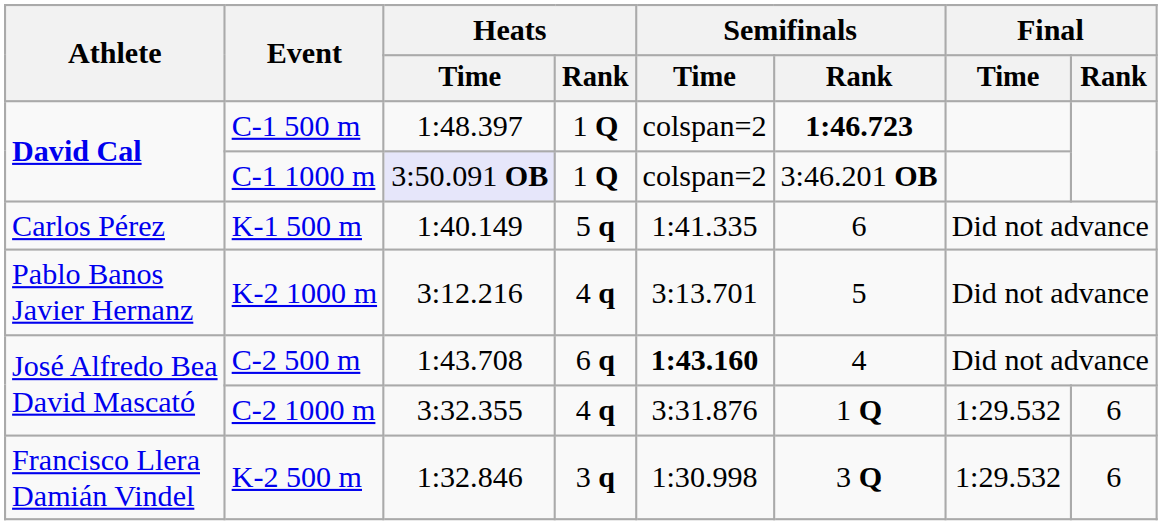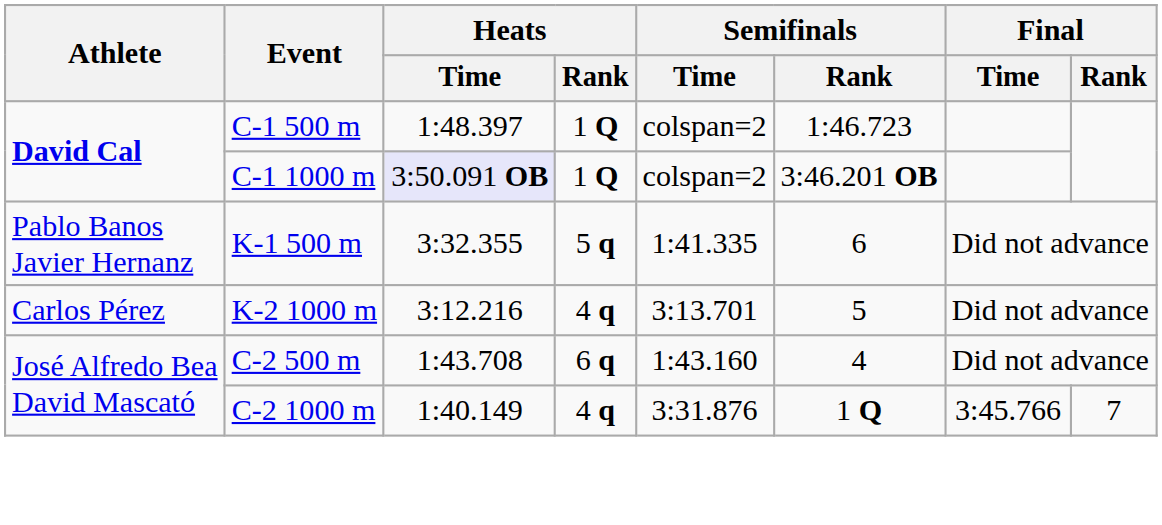 <table class="wikitable" style="font-size:90%">
 <tr>
 <th rowspan=2>Athlete</th>
 <th rowspan=2>Event</th>
 <th colspan=2>Heats</th>
 <th colspan=2>Semifinals</th>
 <th colspan=2>Final</th>
 </tr>
 <tr style="font-size:95%">
 <th>Time</th>
 <th>Rank</th>
 <th>Time</th>
 <th>Rank</th>
 <th>Time</th>
 <th>Rank</th>
 </tr>
 <tr align=center>
 <td align=left rowspan=2><strong><a href='#'>David Cal</a></strong></td>
 <td align=left><a href='#'>C-1 500 m</a></td>
 <td>1:48.397</td>
 <td>1 <strong>Q</strong></td>
 <td>colspan=2 </td>
-<td><strong>1:46.723</strong></td>
+<td>1:46.723</td>
 <td></td>
 </tr>
 <tr align=center>
 <td align=left><a href='#'>C-1 1000 m</a></td>
 <td style="background: lavender;">3:50.091 <strong>OB</strong></td>
 <td>1 <strong>Q</strong></td>
 <td>colspan=2 </td>
 <td>3:46.201 <strong>OB</strong></td>
 <td></td>
 </tr>
 <tr align=center>
-<td align=left><a href='#'>Carlos Pérez</a></td>
+<td align=left><a href='#'>Pablo Banos</a><br><a href='#'>Javier Hernanz</a></td>
 <td align=left><a href='#'>K-1 500 m</a></td>
-<td>1:40.149</td>
+<td>3:32.355</td>
 <td>5 <strong>q</strong></td>
 <td>1:41.335</td>
 <td>6</td>
 <td colspan=2>Did not advance</td>
 </tr>
 <tr align=center>
-<td align=left><a href='#'>Pablo Banos</a><br><a href='#'>Javier Hernanz</a></td>
+<td align=left><a href='#'>Carlos Pérez</a></td>
 <td align=left><a href='#'>K-2 1000 m</a></td>
 <td>3:12.216</td>
 <td>4 <strong>q</strong></td>
 <td>3:13.701</td>
 <td>5</td>
 <td colspan=2>Did not advance</td>
 </tr>
 <tr align=center>
 <td align=left rowspan=2><a href='#'>José Alfredo Bea</a><br><a href='#'>David Mascató</a></td>
 <td align=left><a href='#'>C-2 500 m</a></td>
 <td>1:43.708</td>
 <td>6 <strong>q</strong></td>
-<td><strong>1:43.160</strong></td>
+<td>1:43.160</td>
 <td>4</td>
 <td colspan=2>Did not advance</td>
 </tr>
 <tr align=center>
 <td align=left><a href='#'>C-2 1000 m</a></td>
-<td>3:32.355</td>
+<td>1:40.149</td>
 <td>4 <strong>q</strong></td>
 <td>3:31.876</td>
 <td>1 <strong>Q</strong></td>
-<td>1:29.532</td>
-<td>6</td>
-</tr>
-<tr align=center>
-<td align=left><a href='#'>Francisco Llera</a><br><a href='#'>Damián Vindel</a></td>
-<td align=left><a href='#'>K-2 500 m</a></td>
-<td>1:32.846</td>
-<td>3 <strong>q</strong></td>
-<td>1:30.998</td>
-<td>3 <strong>Q</strong></td>
-<td>1:29.532</td>
-<td>6</td>
+<td>3:45.766</td>
+<td>7</td>
 </tr>
 </table>
